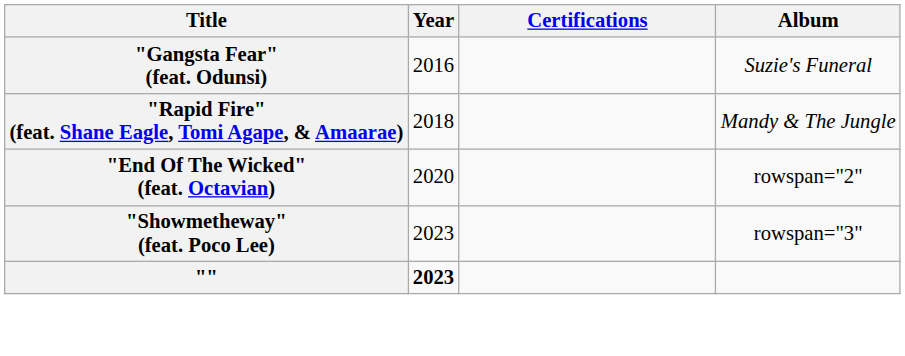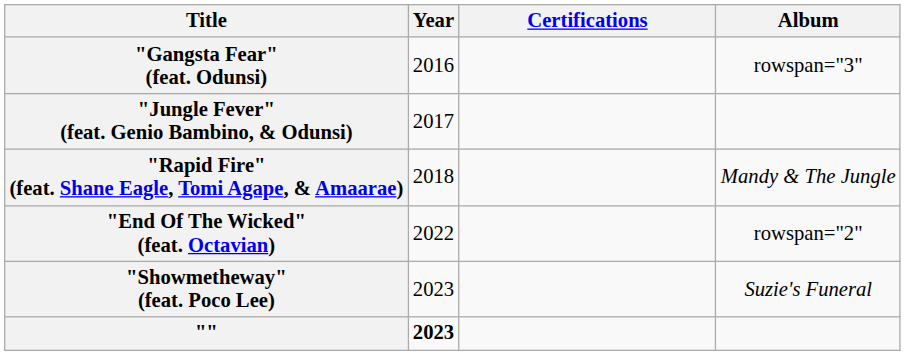 <table class="wikitable plainrowheaders" style="text-align:center;">
 <tr>
 <th scope="col" rowspan="1">Title</th>
 <th scope="col" rowspan="1">Year</th>
 <th scope="col" rowspan="1" style="width:12em;"><a href='#'>Certifications</a></th>
 <th scope="col" rowspan="1">Album</th>
 </tr>
 <tr>
 <th scope="row">"Gangsta Fear"<br>(feat. Odunsi)</th>
 <td>2016</td>
 <td></td>
-<td><em>Suzie's Funeral</em></td>
+<td>rowspan="3"  </td>
+</tr>
+<tr>
+<th scope="row">"Jungle Fever"<br>(feat. Genio Bambino, & Odunsi)</th>
+<td rowspan="1">2017</td>
+<td></td>
+<td><em></em></td>
 </tr>
 <tr>
 <th scope="row">"Rapid Fire"<br>(feat. <a href='#'>Shane Eagle</a>, <a href='#'>Tomi Agape</a>, & <a href='#'>Amaarae</a>)</th>
 <td>2018</td>
 <td></td>
 <td><em>Mandy & The Jungle</em></td>
 </tr>
 <tr>
 <th scope="row">"End Of The Wicked"<br>(feat. <a href='#'>Octavian</a>)</th>
-<td>2020</td>
+<td>2022</td>
 <td></td>
 <td>rowspan="2" </td>
 </tr>
 <tr>
 <th scope="row">"Showmetheway"<br>(feat. Poco Lee)</th>
 <td>2023</td>
 <td></td>
-<td>rowspan="3"  </td>
+<td><em>Suzie's Funeral</em></td>
 </tr>
 <tr>
 <th scope="row">""<br></th>
 <td><strong>2023</strong></td>
 <td></td>
 </tr>
 </table>
